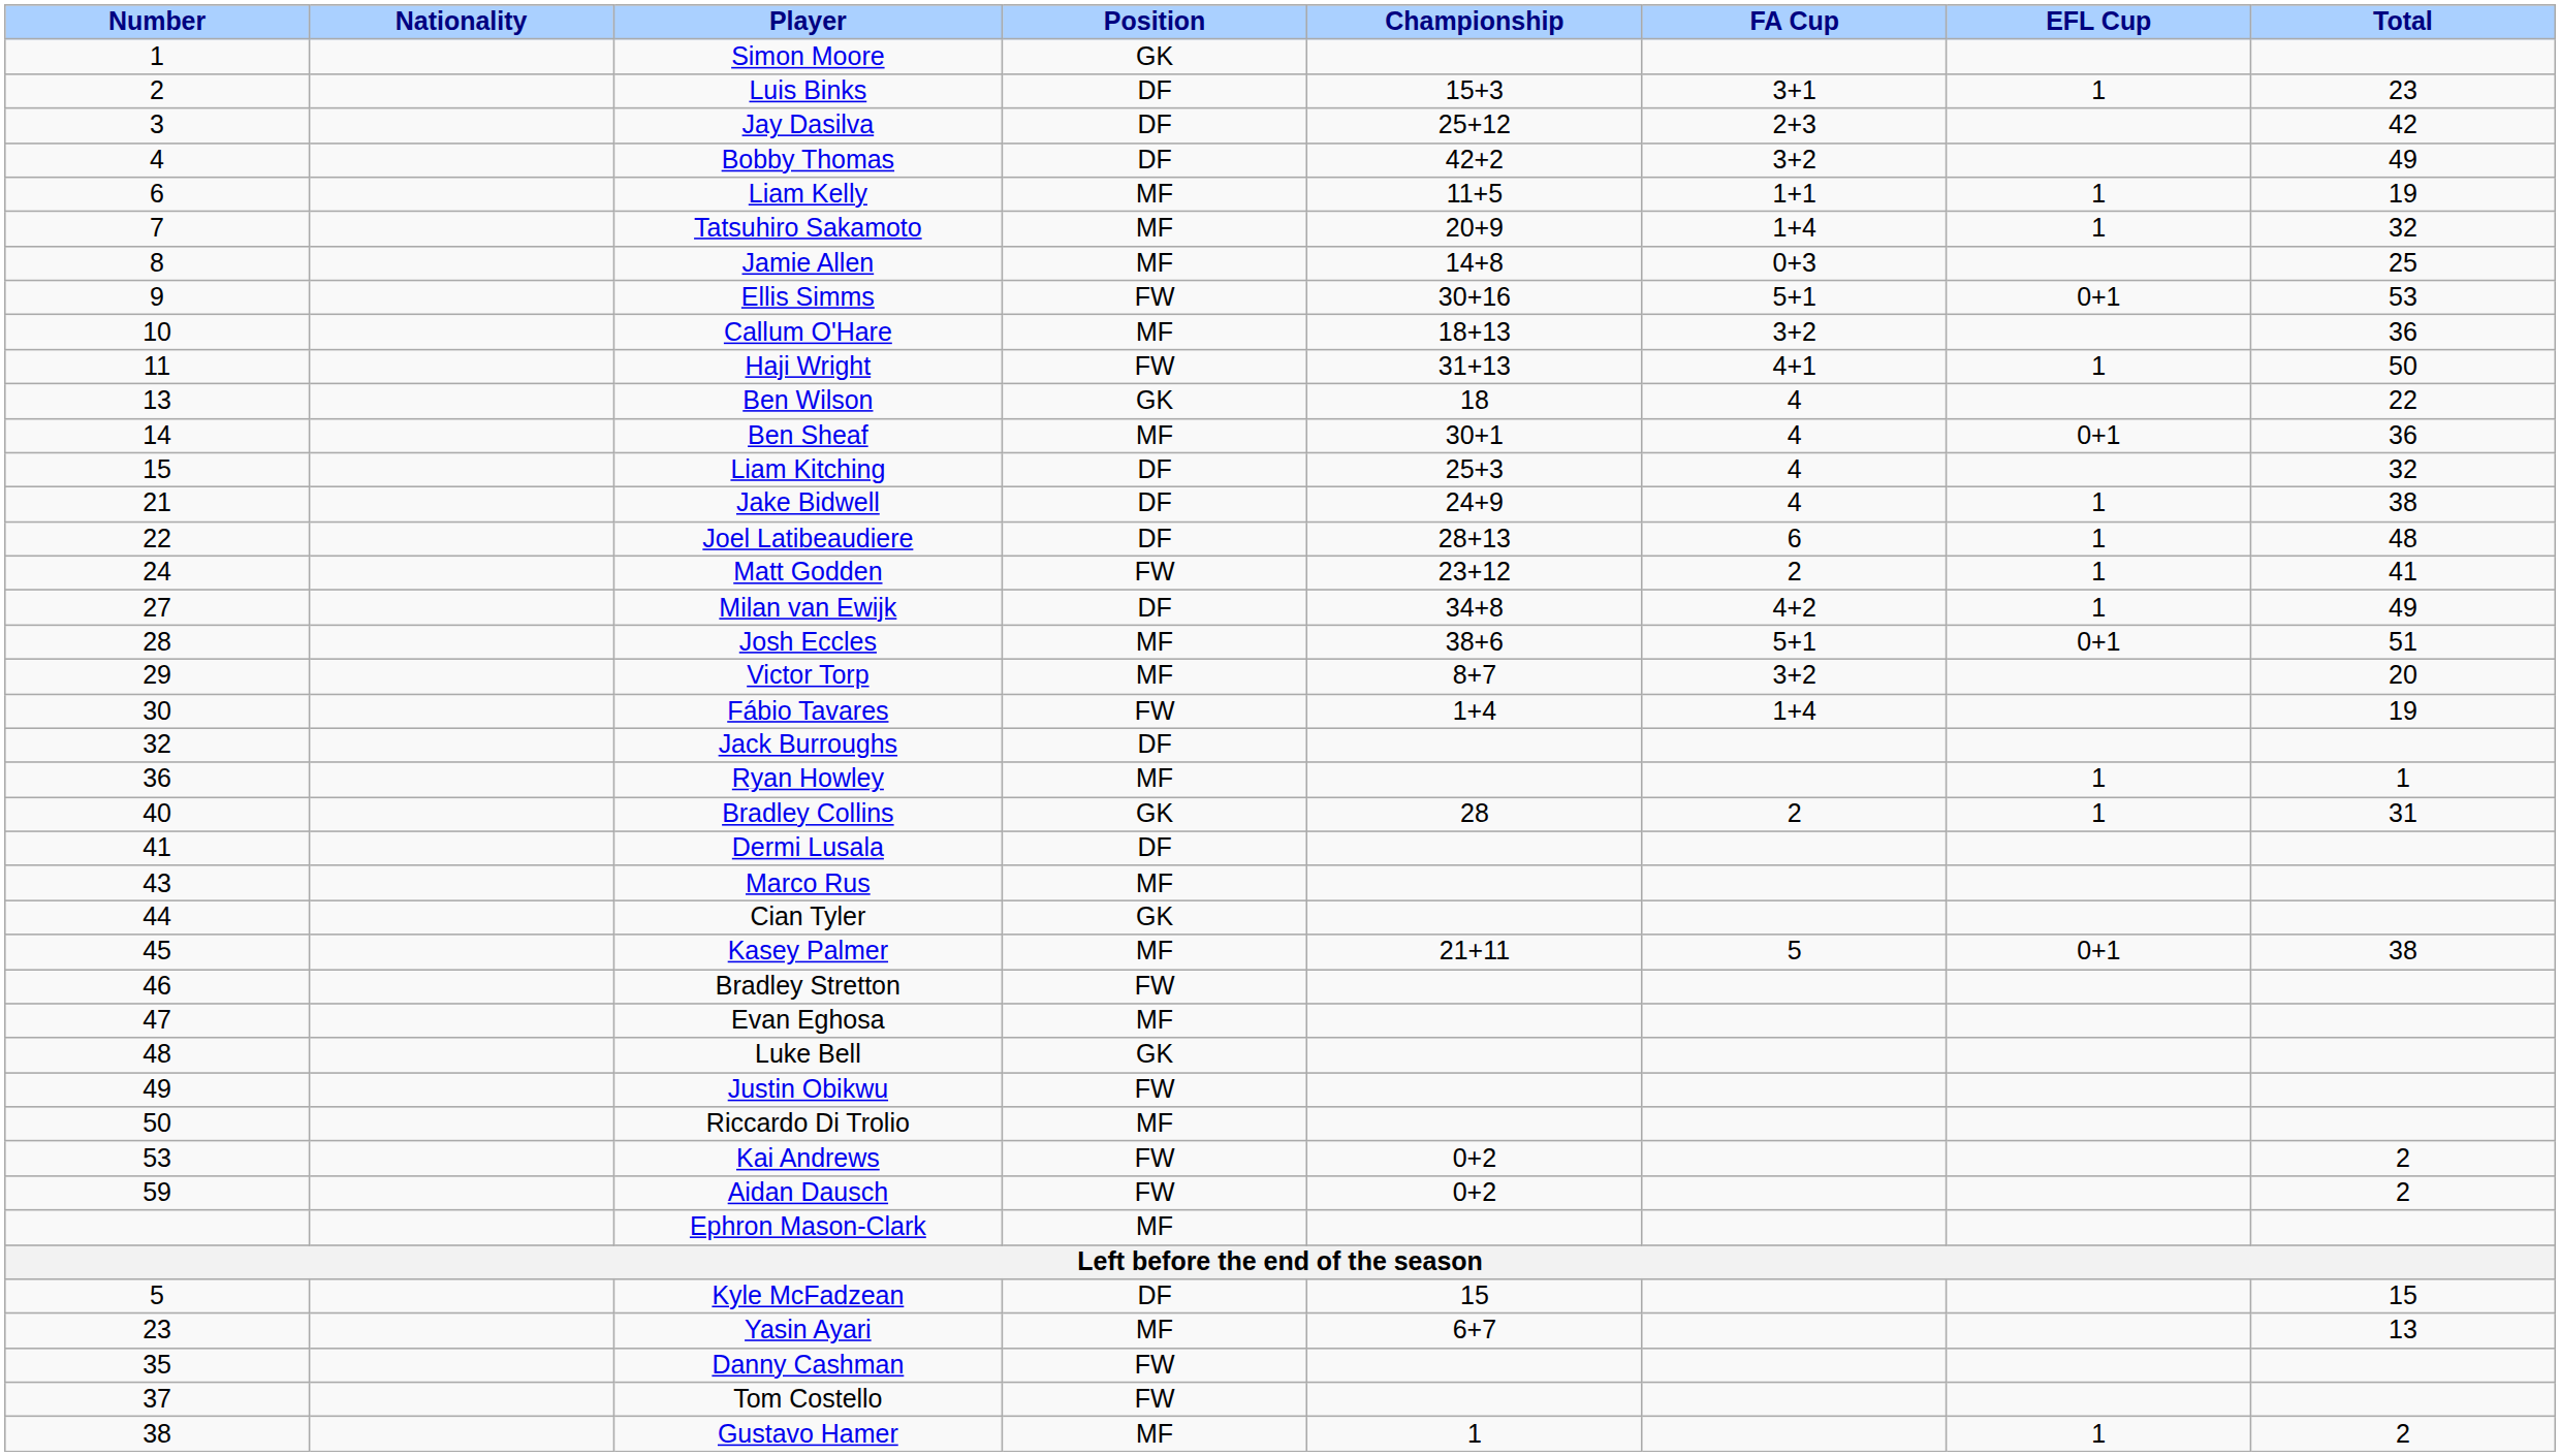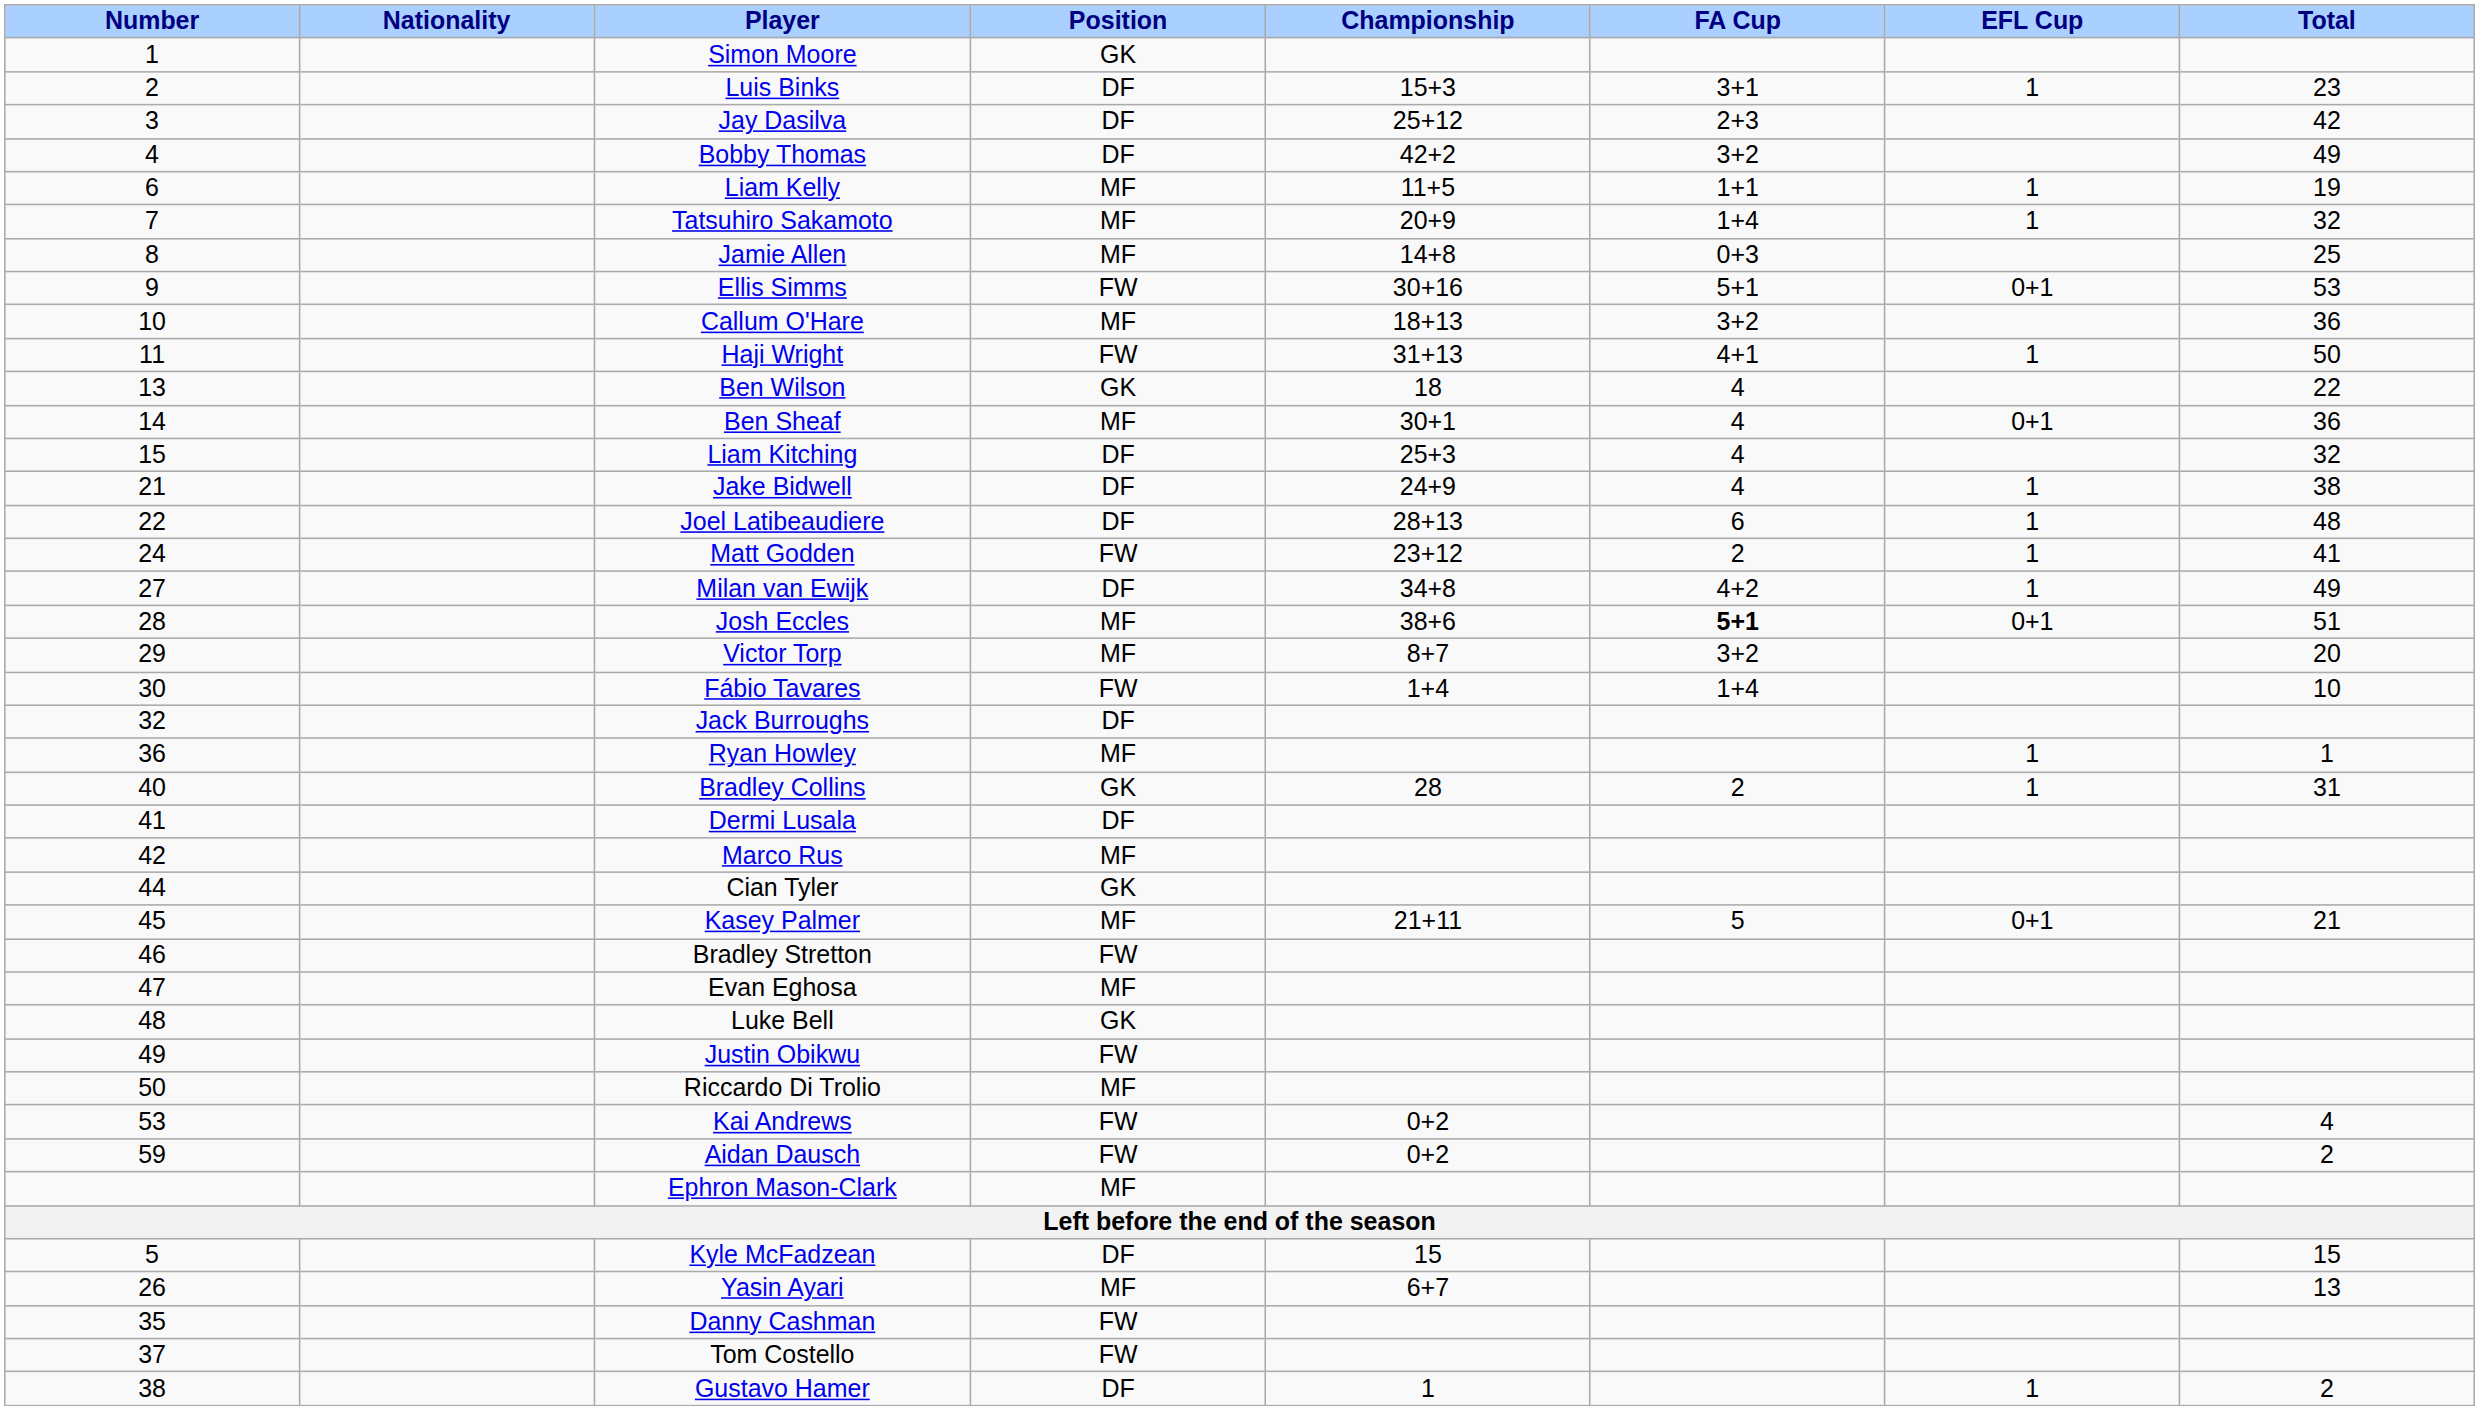 <table class="wikitable sortable alternance" style="font-size:100%; text-align:center; line-height:14px; width:100%;">
 <tr>
 <th style="background:#AAD0FF; color:#000080; width:100px;">Number</th>
 <th style="background:#AAD0FF; color:#000080; width:100px;">Nationality</th>
 <th style="background:#AAD0FF; color:#000080; width:130px;">Player</th>
 <th style="background:#AAD0FF; color:#000080; width:100px;">Position</th>
 <th style="background:#AAD0FF; color:#000080; width:100px;">Championship</th>
 <th style="background:#AAD0FF; color:#000080; width:100px;">FA Cup</th>
 <th style="background:#AAD0FF; color:#000080; width:100px;">EFL Cup</th>
 <th style="background:#AAD0FF; color:#000080; width:100px;">Total</th>
 </tr>
 <tr>
 <td>1</td>
 <td></td>
 <td><a href='#'>Simon Moore</a></td>
 <td>GK</td>
 <td></td>
 <td></td>
 <td></td>
 <td></td>
 </tr>
 <tr>
 <td>2</td>
 <td></td>
 <td><a href='#'>Luis Binks</a></td>
 <td>DF</td>
 <td>15+3</td>
 <td>3+1</td>
 <td>1</td>
 <td>23</td>
 </tr>
 <tr>
 <td>3</td>
 <td></td>
 <td><a href='#'>Jay Dasilva</a></td>
 <td>DF</td>
 <td>25+12</td>
 <td>2+3</td>
 <td></td>
 <td>42</td>
 </tr>
 <tr>
 <td>4</td>
 <td></td>
 <td><a href='#'>Bobby Thomas</a></td>
 <td>DF</td>
 <td>42+2</td>
 <td>3+2</td>
 <td></td>
 <td>49</td>
 </tr>
 <tr>
 <td>6</td>
 <td></td>
 <td><a href='#'>Liam Kelly</a></td>
 <td>MF</td>
 <td>11+5</td>
 <td>1+1</td>
 <td>1</td>
 <td>19</td>
 </tr>
 <tr>
 <td>7</td>
 <td></td>
 <td><a href='#'>Tatsuhiro Sakamoto</a></td>
 <td>MF</td>
 <td>20+9</td>
 <td>1+4</td>
 <td>1</td>
 <td>32</td>
 </tr>
 <tr>
 <td>8</td>
 <td></td>
 <td><a href='#'>Jamie Allen</a></td>
 <td>MF</td>
 <td>14+8</td>
 <td>0+3</td>
 <td></td>
 <td>25</td>
 </tr>
 <tr>
 <td>9</td>
 <td></td>
 <td><a href='#'>Ellis Simms</a></td>
 <td>FW</td>
 <td>30+16</td>
 <td>5+1</td>
 <td>0+1</td>
 <td>53</td>
 </tr>
 <tr>
 <td>10</td>
 <td></td>
 <td><a href='#'>Callum O'Hare</a></td>
 <td>MF</td>
 <td>18+13</td>
 <td>3+2</td>
 <td></td>
 <td>36</td>
 </tr>
 <tr>
 <td>11</td>
 <td></td>
 <td><a href='#'>Haji Wright</a></td>
 <td>FW</td>
 <td>31+13</td>
 <td>4+1</td>
 <td>1</td>
 <td>50</td>
 </tr>
 <tr>
 <td>13</td>
 <td></td>
 <td><a href='#'>Ben Wilson</a></td>
 <td>GK</td>
 <td>18</td>
 <td>4</td>
 <td></td>
 <td>22</td>
 </tr>
 <tr>
 <td>14</td>
 <td></td>
 <td><a href='#'>Ben Sheaf</a></td>
 <td>MF</td>
 <td>30+1</td>
 <td>4</td>
 <td>0+1</td>
 <td>36</td>
 </tr>
 <tr>
 <td>15</td>
 <td></td>
 <td><a href='#'>Liam Kitching</a></td>
 <td>DF</td>
 <td>25+3</td>
 <td>4</td>
 <td></td>
 <td>32</td>
 </tr>
 <tr>
 <td>21</td>
 <td></td>
 <td><a href='#'>Jake Bidwell</a></td>
 <td>DF</td>
 <td>24+9</td>
 <td>4</td>
 <td>1</td>
 <td>38</td>
 </tr>
 <tr>
 <td>22</td>
 <td></td>
 <td><a href='#'>Joel Latibeaudiere</a></td>
 <td>DF</td>
 <td>28+13</td>
 <td>6</td>
 <td>1</td>
 <td>48</td>
 </tr>
 <tr>
 <td>24</td>
 <td></td>
 <td><a href='#'>Matt Godden</a></td>
 <td>FW</td>
 <td>23+12</td>
 <td>2</td>
 <td>1</td>
 <td>41</td>
 </tr>
 <tr>
 <td>27</td>
 <td></td>
 <td><a href='#'>Milan van Ewijk</a></td>
 <td>DF</td>
 <td>34+8</td>
 <td>4+2</td>
 <td>1</td>
 <td>49</td>
 </tr>
 <tr>
 <td>28</td>
 <td></td>
 <td><a href='#'>Josh Eccles</a></td>
 <td>MF</td>
 <td>38+6</td>
-<td>5+1</td>
+<td><strong>5+1</strong></td>
 <td>0+1</td>
 <td>51</td>
 </tr>
 <tr>
 <td>29</td>
 <td></td>
 <td><a href='#'>Victor Torp</a></td>
 <td>MF</td>
 <td>8+7</td>
 <td>3+2</td>
 <td></td>
 <td>20</td>
 </tr>
 <tr>
 <td>30</td>
 <td></td>
 <td><a href='#'>Fábio Tavares</a></td>
 <td>FW</td>
 <td>1+4</td>
 <td>1+4</td>
 <td></td>
-<td>19</td>
+<td>10</td>
 </tr>
 <tr>
 <td>32</td>
 <td></td>
 <td><a href='#'>Jack Burroughs</a></td>
 <td>DF</td>
 <td></td>
 <td></td>
 <td></td>
 <td></td>
 </tr>
 <tr>
 <td>36</td>
 <td></td>
 <td><a href='#'>Ryan Howley</a></td>
 <td>MF</td>
 <td></td>
 <td></td>
 <td>1</td>
 <td>1</td>
 </tr>
 <tr>
 <td>40</td>
 <td></td>
 <td><a href='#'>Bradley Collins</a></td>
 <td>GK</td>
 <td>28</td>
 <td>2</td>
 <td>1</td>
 <td>31</td>
 </tr>
 <tr>
 <td>41</td>
 <td></td>
 <td><a href='#'>Dermi Lusala</a></td>
 <td>DF</td>
 <td></td>
 <td></td>
 <td></td>
 <td></td>
 </tr>
 <tr>
-<td>43</td>
+<td>42</td>
 <td></td>
 <td><a href='#'>Marco Rus</a></td>
 <td>MF</td>
 <td></td>
 <td></td>
 <td></td>
 <td></td>
 </tr>
 <tr>
 <td>44</td>
 <td></td>
 <td>Cian Tyler</td>
 <td>GK</td>
 <td></td>
 <td></td>
 <td></td>
 <td></td>
 </tr>
 <tr>
 <td>45</td>
 <td></td>
 <td><a href='#'>Kasey Palmer</a></td>
 <td>MF</td>
 <td>21+11</td>
 <td>5</td>
 <td>0+1</td>
-<td>38</td>
+<td>21</td>
 </tr>
 <tr>
 <td>46</td>
 <td></td>
 <td>Bradley Stretton</td>
 <td>FW</td>
 <td></td>
 <td></td>
 <td></td>
 <td></td>
 </tr>
 <tr>
 <td>47</td>
 <td></td>
 <td>Evan Eghosa</td>
 <td>MF</td>
 <td></td>
 <td></td>
 <td></td>
 <td></td>
 </tr>
 <tr>
 <td>48</td>
 <td></td>
 <td>Luke Bell</td>
 <td>GK</td>
 <td></td>
 <td></td>
 <td></td>
 <td></td>
 </tr>
 <tr>
 <td>49</td>
 <td></td>
 <td><a href='#'>Justin Obikwu</a></td>
 <td>FW</td>
 <td></td>
 <td></td>
 <td></td>
 <td></td>
 </tr>
 <tr>
 <td>50</td>
 <td></td>
 <td>Riccardo Di Trolio</td>
 <td>MF</td>
 <td></td>
 <td></td>
 <td></td>
 <td></td>
 </tr>
 <tr>
 <td>53</td>
 <td></td>
 <td><a href='#'>Kai Andrews</a></td>
 <td>FW</td>
 <td>0+2</td>
 <td></td>
 <td></td>
-<td>2</td>
+<td>4</td>
 </tr>
 <tr>
 <td>59</td>
 <td></td>
 <td><a href='#'>Aidan Dausch</a></td>
 <td>FW</td>
 <td>0+2</td>
 <td></td>
 <td></td>
 <td>2</td>
 </tr>
 <tr>
 <td></td>
 <td></td>
 <td><a href='#'>Ephron Mason-Clark</a></td>
 <td>MF</td>
 <td></td>
 <td></td>
 <td></td>
 <td></td>
 </tr>
 <tr>
 <th colspan="9">Left before the end of the season</th>
 </tr>
 <tr>
 <td>5</td>
 <td></td>
 <td><a href='#'>Kyle McFadzean</a></td>
 <td>DF</td>
 <td>15</td>
 <td></td>
 <td></td>
 <td>15</td>
 </tr>
 <tr>
-<td>23</td>
+<td>26</td>
 <td></td>
 <td><a href='#'>Yasin Ayari</a></td>
 <td>MF</td>
 <td>6+7</td>
 <td></td>
 <td></td>
 <td>13</td>
 </tr>
 <tr>
 <td>35</td>
 <td></td>
 <td><a href='#'>Danny Cashman</a></td>
 <td>FW</td>
 <td></td>
 <td></td>
 <td></td>
 <td></td>
 </tr>
 <tr>
 <td>37</td>
 <td></td>
 <td>Tom Costello</td>
 <td>FW</td>
 <td></td>
 <td></td>
 <td></td>
 <td></td>
 </tr>
 <tr>
 <td>38</td>
 <td></td>
 <td><a href='#'>Gustavo Hamer</a></td>
-<td>MF</td>
+<td>DF</td>
 <td>1</td>
 <td></td>
 <td>1</td>
 <td>2</td>
 </tr>
 </table>
